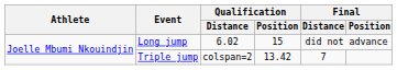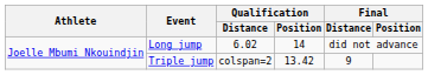 <table class=wikitable style="font-size:90%">
 <tr>
 <th rowspan="2">Athlete</th>
 <th rowspan="2">Event</th>
 <th colspan="2">Qualification</th>
 <th colspan="2">Final</th>
 </tr>
 <tr style="font-size:95%">
 <th>Distance</th>
 <th>Position</th>
 <th>Distance</th>
 <th>Position</th>
 </tr>
 <tr align=center>
 <td align=left rowspan=2><a href='#'>Joelle Mbumi Nkouindjin</a></td>
 <td style="text-align:left;"><a href='#'>Long jump</a></td>
 <td>6.02</td>
-<td>15</td>
+<td>14</td>
 <td colspan=2>did not advance</td>
 </tr>
 <tr align=center>
 <td style="text-align:left;"><a href='#'>Triple jump</a></td>
 <td>colspan=2</td>
 <td>13.42</td>
-<td>7</td>
+<td>9</td>
 </tr>
 </table>
